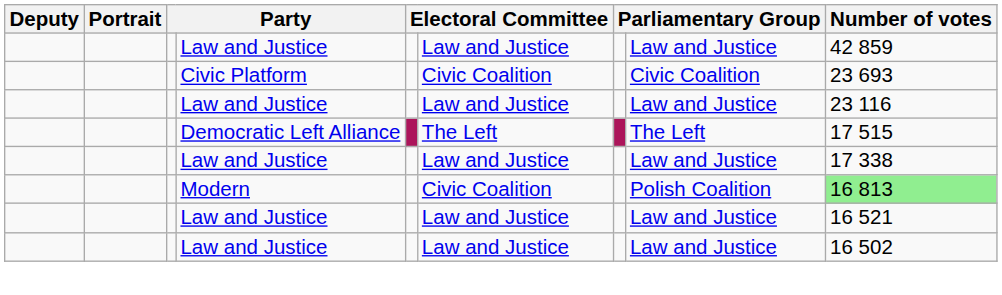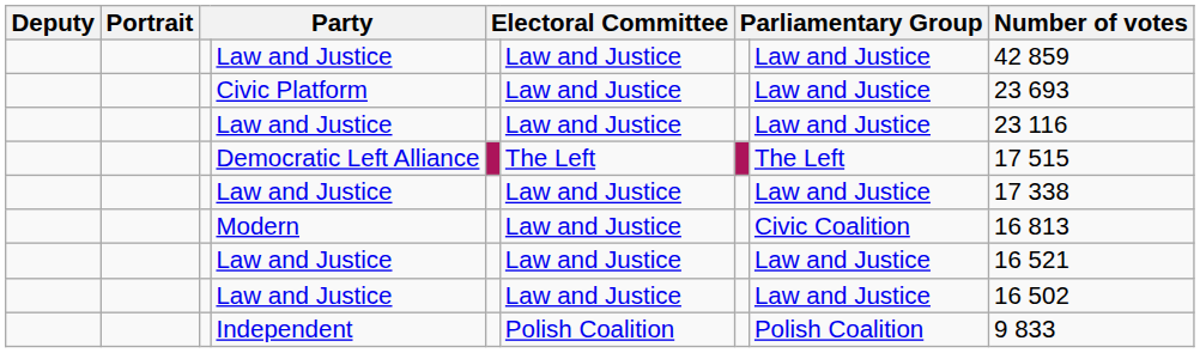 <table class="wikitable sortable" style="font-size:95%;line-height:14px;">
 <tr>
 <th>Deputy</th>
 <th>Portrait</th>
 <th colspan="2">Party</th>
 <th colspan="2">Electoral Committee</th>
 <th colspan="2">Parliamentary Group</th>
 <th>Number of votes</th>
 </tr>
 <tr>
 <td></td>
 <td></td>
 <td style="background:"></td>
 <td><a href='#'>Law and Justice</a></td>
 <td style="background:"></td>
 <td><a href='#'>Law and Justice</a></td>
 <td style="background:"></td>
 <td><a href='#'>Law and Justice</a></td>
 <td>42 859</td>
 </tr>
 <tr>
 <td></td>
 <td></td>
 <td style="background:"></td>
 <td><a href='#'>Civic Platform</a></td>
 <td style="background:"></td>
-<td><a href='#'>Civic Coalition</a></td>
+<td><a href='#'>Law and Justice</a></td>
 <td style="background:"></td>
-<td><a href='#'>Civic Coalition</a></td>
+<td><a href='#'>Law and Justice</a></td>
 <td>23 693</td>
 </tr>
 <tr>
 <td></td>
 <td></td>
 <td style="background:"></td>
 <td><a href='#'>Law and Justice</a></td>
 <td style="background:"></td>
 <td><a href='#'>Law and Justice</a></td>
 <td style="background:"></td>
 <td><a href='#'>Law and Justice</a></td>
 <td>23 116</td>
 </tr>
 <tr>
 <td></td>
 <td></td>
 <td style="background:"></td>
 <td><a href='#'>Democratic Left Alliance</a></td>
 <td style="background:#AC145A;"></td>
 <td><a href='#'>The Left</a></td>
 <td style="background:#AC145A;"></td>
 <td><a href='#'>The Left</a></td>
 <td>17 515</td>
 </tr>
 <tr>
 <td></td>
 <td></td>
 <td style="background:"></td>
 <td><a href='#'>Law and Justice</a></td>
 <td style="background:"></td>
 <td><a href='#'>Law and Justice</a></td>
 <td style="background:"></td>
 <td><a href='#'>Law and Justice</a></td>
 <td>17 338</td>
 </tr>
 <tr>
 <td></td>
 <td></td>
 <td style="background:"></td>
 <td><a href='#'>Modern</a></td>
 <td style="background:"></td>
+<td><a href='#'>Law and Justice</a></td>
+<td style="background:"></td>
 <td><a href='#'>Civic Coalition</a></td>
-<td style="background:"></td>
-<td><a href='#'>Polish Coalition</a></td>
-<td style="background: lightgreen;">16 813</td>
+<td>16 813</td>
 </tr>
 <tr>
 <td></td>
 <td></td>
 <td style="background:"></td>
 <td><a href='#'>Law and Justice</a></td>
 <td style="background:"></td>
 <td><a href='#'>Law and Justice</a></td>
 <td style="background:"></td>
 <td><a href='#'>Law and Justice</a></td>
 <td>16 521</td>
 </tr>
 <tr>
 <td></td>
 <td></td>
 <td style="background:"></td>
 <td><a href='#'>Law and Justice</a></td>
 <td style="background:"></td>
 <td><a href='#'>Law and Justice</a></td>
 <td style="background:"></td>
 <td><a href='#'>Law and Justice</a></td>
 <td>16 502</td>
 </tr>
+<tr>
+<td></td>
+<td></td>
+<td style="background:"></td>
+<td><a href='#'>Independent</a></td>
+<td style="background:"></td>
+<td><a href='#'>Polish Coalition</a></td>
+<td style="background:"></td>
+<td><a href='#'>Polish Coalition</a></td>
+<td>9 833</td>
+</tr>
 </table>
